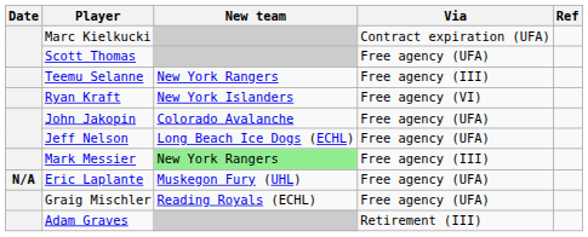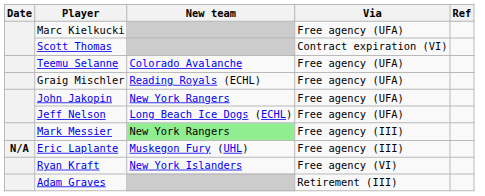 <table class="wikitable plainrowheaders">
 <tr style="background:#ddd; text-align:center;">
 <th>Date</th>
 <th>Player</th>
 <th>New team</th>
 <th>Via</th>
 <th>Ref</th>
 </tr>
 <tr>
 <th scope="row" rowspan=2></th>
 <td>Marc Kielkucki</td>
 <td style="background:#ccc"></td>
-<td>Contract expiration (UFA)</td>
+<td>Free agency (UFA)</td>
 <td></td>
 </tr>
 <tr>
 <td><a href='#'>Scott Thomas</a></td>
 <td style="background:#ccc"></td>
+<td>Contract expiration (VI)</td>
+<td></td>
+</tr>
+<tr>
+<th scope="row"></th>
+<td><a href='#'>Teemu Selanne</a></td>
+<td><a href='#'>Colorado Avalanche</a></td>
 <td>Free agency (UFA)</td>
 <td></td>
 </tr>
 <tr>
 <th scope="row"></th>
-<td><a href='#'>Teemu Selanne</a></td>
-<td><a href='#'>New York Rangers</a></td>
-<td>Free agency (III)</td>
-<td></td>
-</tr>
-<tr>
-<th scope="row"></th>
-<td><a href='#'>Ryan Kraft</a></td>
-<td><a href='#'>New York Islanders</a></td>
-<td>Free agency (VI)</td>
+<td>Graig Mischler</td>
+<td><a href='#'>Reading Royals</a> (ECHL)</td>
+<td>Free agency (UFA)</td>
 <td></td>
 </tr>
 <tr>
 <th scope="row" rowspan=2></th>
 <td><a href='#'>John Jakopin</a></td>
-<td><a href='#'>Colorado Avalanche</a></td>
+<td><a href='#'>New York Rangers</a></td>
 <td>Free agency (UFA)</td>
 <td></td>
 </tr>
 <tr>
 <td><a href='#'>Jeff Nelson</a></td>
 <td><a href='#'>Long Beach Ice Dogs</a> (<a href='#'>ECHL</a>)</td>
 <td>Free agency (UFA)</td>
 <td></td>
 </tr>
 <tr>
 <th scope="row"></th>
 <td><a href='#'>Mark Messier</a></td>
 <td style="background: lightgreen;">New York Rangers</td>
 <td>Free agency (III)</td>
 <td></td>
 </tr>
 <tr>
 <th scope="row">N/A</th>
 <td><a href='#'>Eric Laplante</a></td>
 <td><a href='#'>Muskegon Fury</a> (<a href='#'>UHL</a>)</td>
-<td>Free agency (UFA)</td>
+<td>Free agency (III)</td>
 <td></td>
 </tr>
 <tr>
 <th scope="row"></th>
-<td>Graig Mischler</td>
-<td><a href='#'>Reading Royals</a> (ECHL)</td>
-<td>Free agency (UFA)</td>
+<td><a href='#'>Ryan Kraft</a></td>
+<td><a href='#'>New York Islanders</a></td>
+<td>Free agency (VI)</td>
 <td></td>
 </tr>
 <tr>
 <th scope="row"></th>
 <td><a href='#'>Adam Graves</a></td>
 <td style="background:#ccc"></td>
 <td>Retirement (III)</td>
 <td></td>
 </tr>
 </table>
